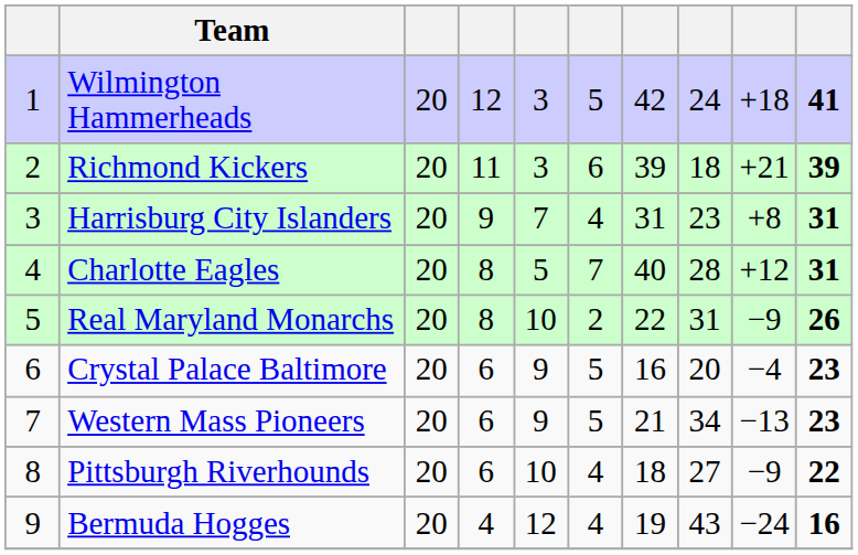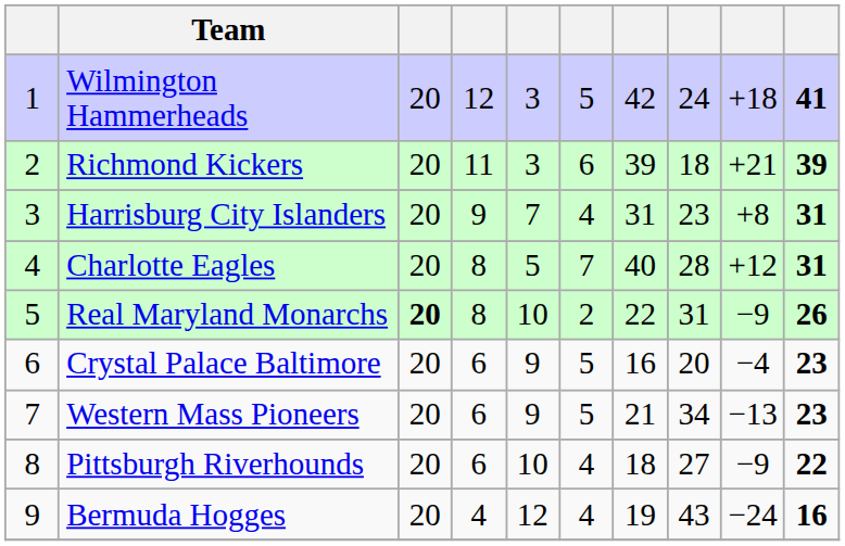 <table class="wikitable" style="text-align: center;">
 <tr>
 <th width=20></th>
 <th width=165>Team</th>
 <th width=20></th>
 <th width=20></th>
 <th width=20></th>
 <th width=20></th>
 <th width=20></th>
 <th width=20></th>
 <th width=20></th>
 <th width=20></th>
 </tr>
 <tr bgcolor=#ccccff>
 <td>1</td>
 <td align=left><a href='#'>Wilmington Hammerheads</a></td>
 <td>20</td>
 <td>12</td>
 <td>3</td>
 <td>5</td>
 <td>42</td>
 <td>24</td>
 <td>+18</td>
 <td><strong>41</strong></td>
 </tr>
 <tr bgcolor=#ccffcc>
 <td>2</td>
 <td align=left><a href='#'>Richmond Kickers</a></td>
 <td>20</td>
 <td>11</td>
 <td>3</td>
 <td>6</td>
 <td>39</td>
 <td>18</td>
 <td>+21</td>
 <td><strong>39</strong></td>
 </tr>
 <tr bgcolor=#ccffcc>
 <td>3</td>
 <td align=left><a href='#'>Harrisburg City Islanders</a></td>
 <td>20</td>
 <td>9</td>
 <td>7</td>
 <td>4</td>
 <td>31</td>
 <td>23</td>
 <td>+8</td>
 <td><strong>31</strong></td>
 </tr>
 <tr bgcolor=#ccffcc>
 <td>4</td>
 <td align=left><a href='#'>Charlotte Eagles</a></td>
 <td>20</td>
 <td>8</td>
 <td>5</td>
 <td>7</td>
 <td>40</td>
 <td>28</td>
 <td>+12</td>
 <td><strong>31</strong></td>
 </tr>
 <tr bgcolor=#ccffcc>
 <td>5</td>
 <td align=left><a href='#'>Real Maryland Monarchs</a></td>
-<td>20</td>
+<td><strong>20</strong></td>
 <td>8</td>
 <td>10</td>
 <td>2</td>
 <td>22</td>
 <td>31</td>
 <td>−9</td>
 <td><strong>26</strong></td>
 </tr>
 <tr>
 <td>6</td>
 <td align=left><a href='#'>Crystal Palace Baltimore</a></td>
 <td>20</td>
 <td>6</td>
 <td>9</td>
 <td>5</td>
 <td>16</td>
 <td>20</td>
 <td>−4</td>
 <td><strong>23</strong></td>
 </tr>
 <tr>
 <td>7</td>
 <td align=left><a href='#'>Western Mass Pioneers</a></td>
 <td>20</td>
 <td>6</td>
 <td>9</td>
 <td>5</td>
 <td>21</td>
 <td>34</td>
 <td>−13</td>
 <td><strong>23</strong></td>
 </tr>
 <tr>
 <td>8</td>
 <td align=left><a href='#'>Pittsburgh Riverhounds</a></td>
 <td>20</td>
 <td>6</td>
 <td>10</td>
 <td>4</td>
 <td>18</td>
 <td>27</td>
 <td>−9</td>
 <td><strong>22</strong></td>
 </tr>
 <tr>
 <td>9</td>
 <td align=left><a href='#'>Bermuda Hogges</a></td>
 <td>20</td>
 <td>4</td>
 <td>12</td>
 <td>4</td>
 <td>19</td>
 <td>43</td>
 <td>−24</td>
 <td><strong>16</strong></td>
 </tr>
 <tr>
 </tr>
 </table>
